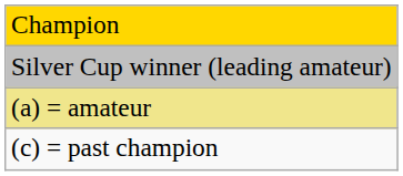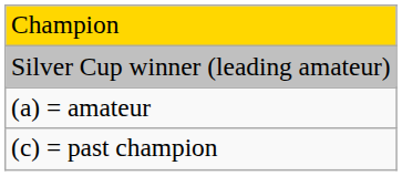 <table class="wikitable">
 <tr style="background:gold">
 <td>Champion</td>
 </tr>
 <tr style="background:silver">
 <td>Silver Cup winner (leading amateur)</td>
 </tr>
 <tr>
-<td style="background: khaki;">(a) = amateur</td>
+<td>(a) = amateur</td>
 </tr>
 <tr>
 <td>(c) = past champion</td>
 </tr>
 </table>
